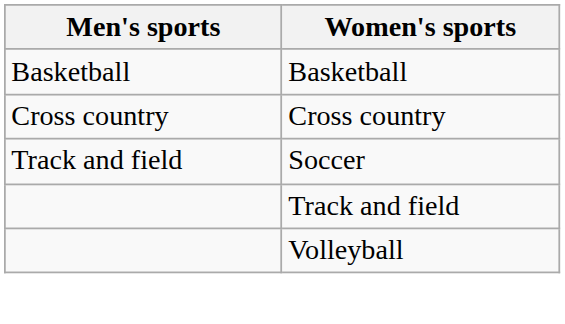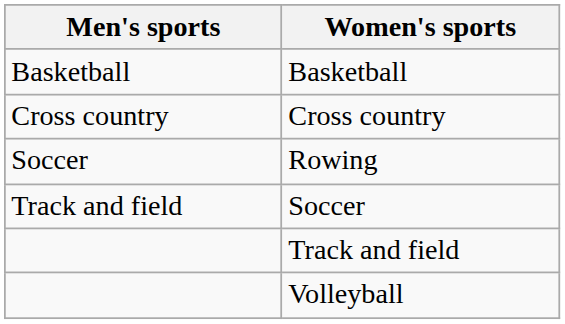 <table class="wikitable"; style= "text-align: ">
 <tr>
 <th width=150px>Men's sports</th>
 <th width=150px>Women's sports</th>
 </tr>
 <tr>
 <td>Basketball</td>
 <td>Basketball</td>
 </tr>
 <tr>
 <td>Cross country</td>
 <td>Cross country</td>
 </tr>
 <tr>
+<td>Soccer</td>
+<td>Rowing</td>
+</tr>
+<tr>
 <td>Track and field</td>
 <td>Soccer</td>
 </tr>
 <tr>
 <td></td>
 <td>Track and field</td>
 </tr>
 <tr>
 <td></td>
 <td>Volleyball</td>
 </tr>
 </table>
